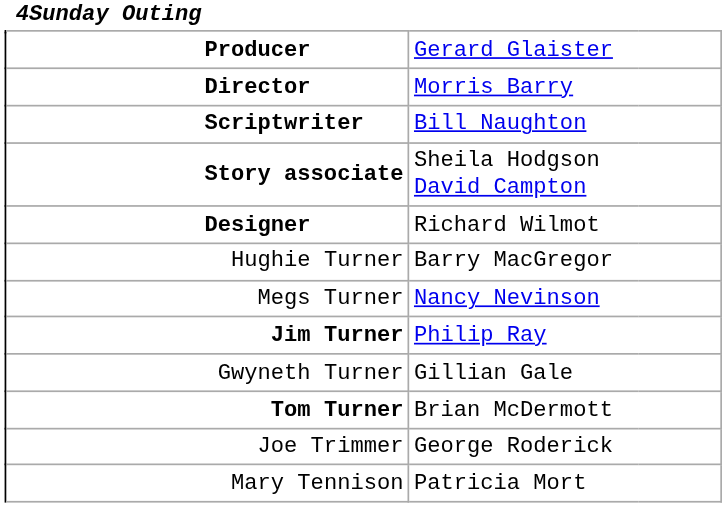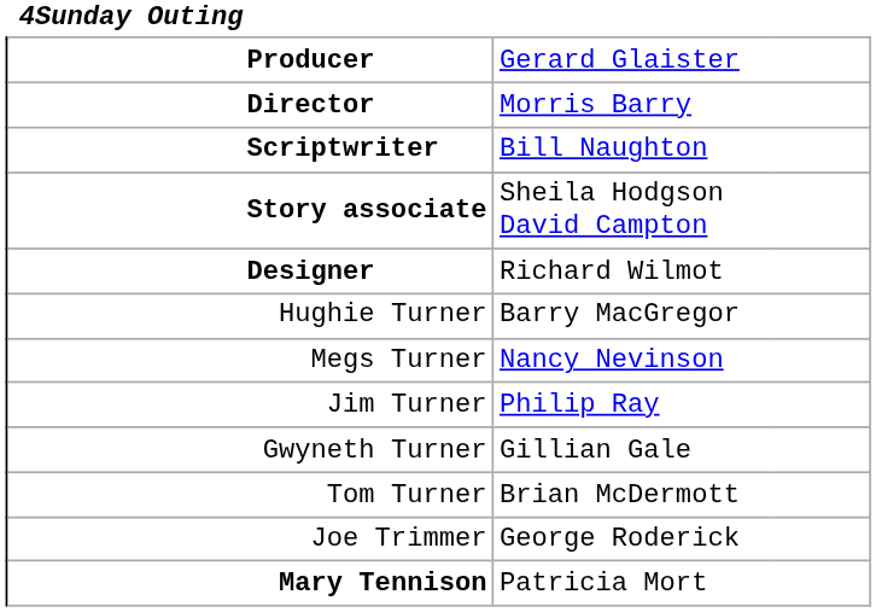 <table class="wikitable mw-collapsible mw-collapsed" style="vertical-align:top;margin:auto 2em;line-height:1.2;min-width:33em;display: inline-table;background-color:inherit;border:none;">
 <tr>
 <td class=unsortable style="border:hidden;line-height:1.67;text-align:center;margin-left:-1em;padding-left:0.5em;min-width:1.0em;"></td>
 <td class=unsortable style="border:none;padding-left:0.5em;text-align:left;min-width:16.5em;font-weight:700;font-style:italic;">4Sunday Outing</td>
 <td class=unsortable style="border:none;text-align:right;font-weight:normal;font-family:Courier;font-size:95%;letter-spacing:-1pt;min-width:8.5em;padding-right:0.2em;"></td>
 <td class=unsortable style="border:hidden;min-width:3.5em;padding-left:0;"></td>
 <td class=unsortable style="border:hidden;min-width:3.5em;font-size:95%;"></td>
 </tr>
 <tr>
 <td rowspan=100 style="border:none thin;border-right-style :solid;"></td>
 </tr>
 <tr>
 <td style="text-align:left;padding-left:9.0em;font-weight:bold;">Producer</td>
 <td colspan=2><a href='#'>Gerard Glaister</a></td>
 </tr>
 <tr>
 <td style="text-align:left;padding-left:9.0em;font-weight:bold;">Director</td>
 <td colspan=2><a href='#'>Morris Barry</a></td>
 </tr>
 <tr>
 <td style="text-align:left;padding-left:9.0em;font-weight:bold;">Scriptwriter</td>
 <td colspan=2><a href='#'>Bill Naughton</a></td>
 </tr>
 <tr>
 <td style="text-align:left;padding-left:9.0em;font-weight:bold;">Story associate</td>
 <td colspan=2>Sheila Hodgson<br><a href='#'>David Campton</a></td>
 </tr>
 <tr>
 <td style="text-align:left;padding-left:9.0em;font-weight:bold;">Designer</td>
 <td colspan=2>Richard Wilmot</td>
 </tr>
 <tr>
 <td style="text-align:right;">Hughie Turner</td>
 <td colspan=2>Barry MacGregor</td>
 </tr>
 <tr>
 <td style="text-align:right;">Megs Turner</td>
 <td colspan=2><a href='#'>Nancy Nevinson</a></td>
 </tr>
 <tr>
-<td style="text-align:right;"><strong>Jim Turner</strong></td>
+<td style="text-align:right;">Jim Turner</td>
 <td colspan=2><a href='#'>Philip Ray</a></td>
 </tr>
 <tr>
 <td style="text-align:right;">Gwyneth Turner</td>
 <td colspan=2>Gillian Gale</td>
 </tr>
 <tr>
-<td style="text-align:right;"><strong>Tom Turner</strong></td>
+<td style="text-align:right;">Tom Turner</td>
 <td colspan=2>Brian McDermott</td>
 </tr>
 <tr>
 <td style="text-align:right;">Joe Trimmer</td>
 <td colspan=2>George Roderick</td>
 </tr>
 <tr>
-<td style="text-align:right;">Mary Tennison</td>
+<td style="text-align:right;"><strong>Mary Tennison</strong></td>
 <td colspan=2>Patricia Mort</td>
 </tr>
 </table>
